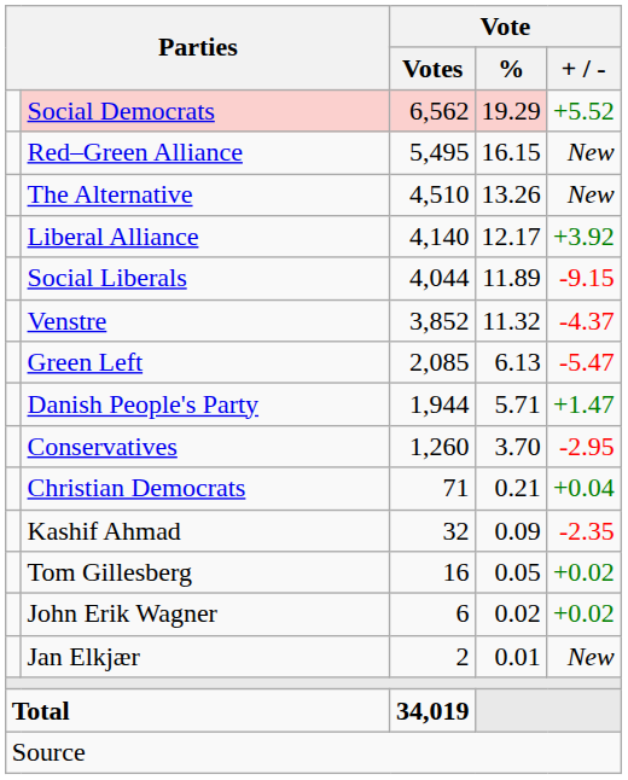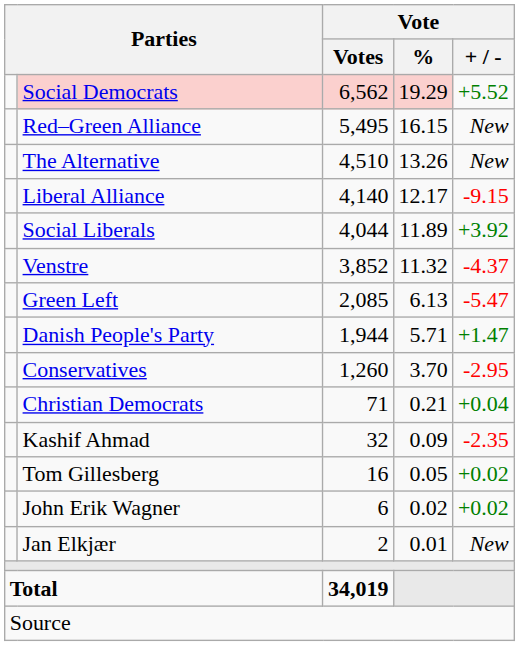 <table class="wikitable" style="text-align:right;">
 <tr>
 <th style="text-align:centre;" rowspan="2" colspan="2" width="225">Parties</th>
 <th colspan="3">Vote</th>
 </tr>
 <tr>
 <th width="15">Votes</th>
 <th width="15">%</th>
 <th width="15">+ / -</th>
 </tr>
 <tr>
 <td width="2" style="color:inherit;background:"></td>
 <td bgcolor=#fbd0ce  align="left"><a href='#'>Social Democrats</a></td>
 <td bgcolor=#fbd0ce>6,562</td>
 <td bgcolor=#fbd0ce>19.29</td>
 <td style=color:green;>+5.52</td>
 </tr>
 <tr>
 <td width="2" style="color:inherit;background:"></td>
 <td align="left"><a href='#'>Red–Green Alliance</a></td>
 <td>5,495</td>
 <td>16.15</td>
 <td><em>New</em></td>
 </tr>
 <tr>
 <td width="2" style="color:inherit;background:"></td>
 <td align="left"><a href='#'>The Alternative</a></td>
 <td>4,510</td>
 <td>13.26</td>
 <td><em>New</em></td>
 </tr>
 <tr>
 <td width="2" style="color:inherit;background:"></td>
 <td align="left"><a href='#'>Liberal Alliance</a></td>
 <td>4,140</td>
 <td>12.17</td>
-<td style=color:green;>+3.92</td>
+<td style=color:red;>-9.15</td>
 </tr>
 <tr>
 <td width="2" style="color:inherit;background:"></td>
 <td align="left"><a href='#'>Social Liberals</a></td>
 <td>4,044</td>
 <td>11.89</td>
-<td style=color:red;>-9.15</td>
+<td style=color:green;>+3.92</td>
 </tr>
 <tr>
 <td width="2" style="color:inherit;background:"></td>
 <td align="left"><a href='#'>Venstre</a></td>
 <td>3,852</td>
 <td>11.32</td>
 <td style=color:red;>-4.37</td>
 </tr>
 <tr>
 <td width="2" style="color:inherit;background:"></td>
 <td align="left"><a href='#'>Green Left</a></td>
 <td>2,085</td>
 <td>6.13</td>
 <td style=color:red;>-5.47</td>
 </tr>
 <tr>
 <td width="2" style="color:inherit;background:"></td>
 <td align="left"><a href='#'>Danish People's Party</a></td>
 <td>1,944</td>
 <td>5.71</td>
 <td style=color:green;>+1.47</td>
 </tr>
 <tr>
 <td width="2" style="color:inherit;background:"></td>
 <td align="left"><a href='#'>Conservatives</a></td>
 <td>1,260</td>
 <td>3.70</td>
 <td style=color:red;>-2.95</td>
 </tr>
 <tr>
 <td width="2" style="color:inherit;background:"></td>
 <td align="left"><a href='#'>Christian Democrats</a></td>
 <td>71</td>
 <td>0.21</td>
 <td style=color:green;>+0.04</td>
 </tr>
 <tr>
 <td width="2" style="color:inherit;background:"></td>
 <td align="left">Kashif Ahmad</td>
 <td>32</td>
 <td>0.09</td>
 <td style=color:red;>-2.35</td>
 </tr>
 <tr>
 <td width="2" style="color:inherit;background:"></td>
 <td align="left">Tom Gillesberg</td>
 <td>16</td>
 <td>0.05</td>
 <td style=color:green;>+0.02</td>
 </tr>
 <tr>
 <td width="2" style="color:inherit;background:"></td>
 <td align="left">John Erik Wagner</td>
 <td>6</td>
 <td>0.02</td>
 <td style=color:green;>+0.02</td>
 </tr>
 <tr>
 <td width="2" style="color:inherit;background:"></td>
 <td align="left">Jan Elkjær</td>
 <td>2</td>
 <td>0.01</td>
 <td><em>New</em></td>
 </tr>
 <tr>
 <td colspan="7" bgcolor="#E9E9E9"></td>
 </tr>
 <tr>
 <td align="left" colspan="2"><strong>Total</strong></td>
 <td><strong>34,019</strong></td>
 <td bgcolor="#E9E9E9" colspan="2"></td>
 </tr>
 <tr>
 <td align="left" colspan="6">Source</td>
 </tr>
 </table>
